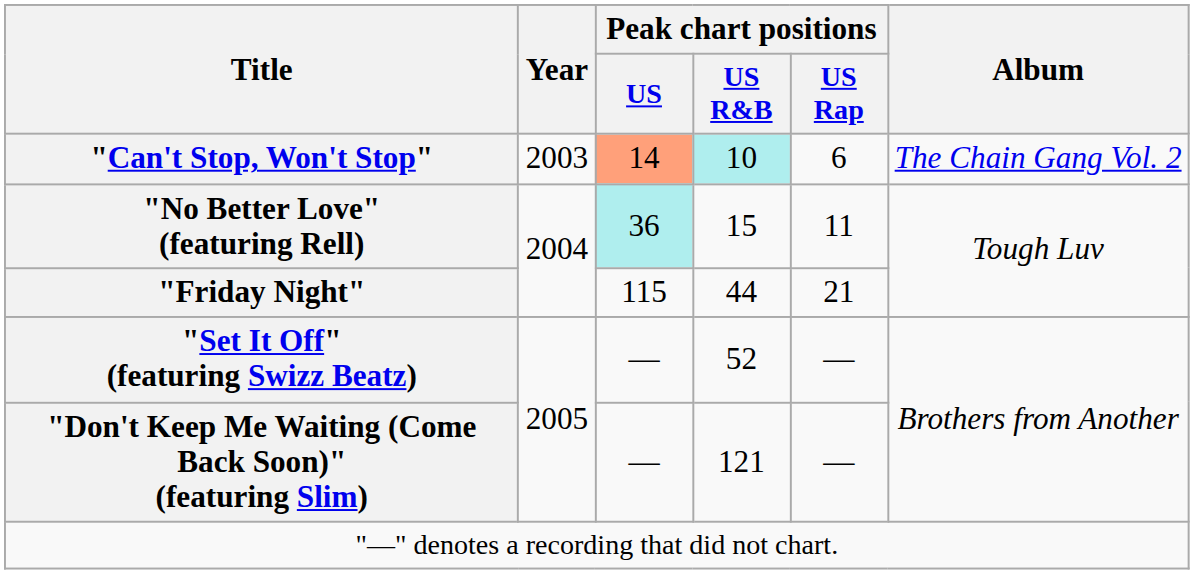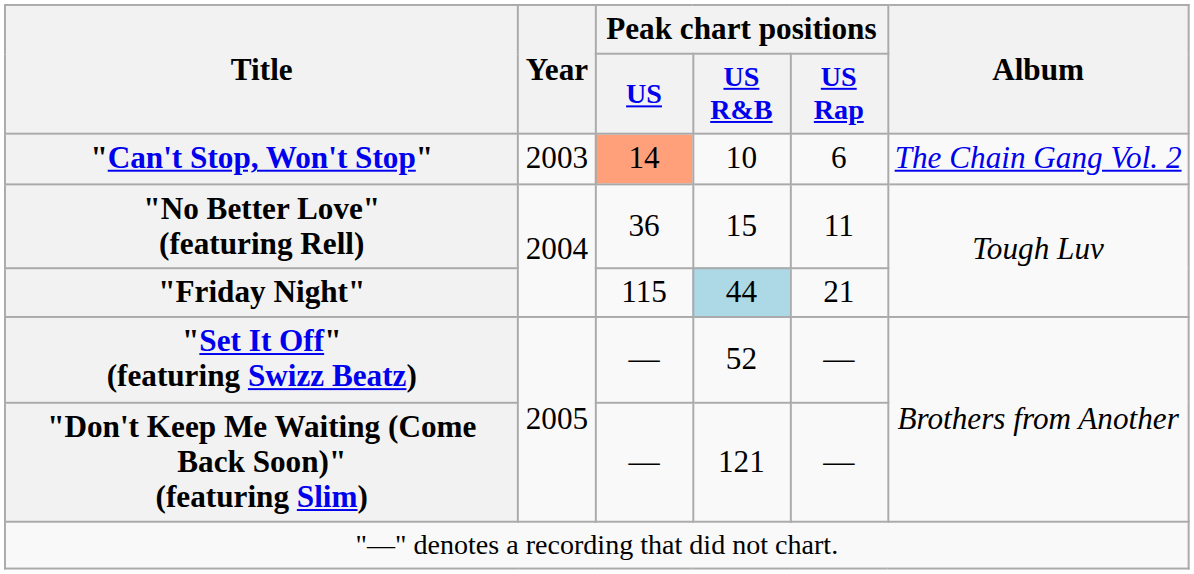 <table class="wikitable plainrowheaders" style="text-align:center;" border="1">
 <tr>
 <th scope="col" rowspan="2" style="width:16em;">Title</th>
 <th scope="col" rowspan="2">Year</th>
 <th scope="col" colspan="3">Peak chart positions</th>
 <th scope="col" rowspan="2">Album</th>
 </tr>
 <tr>
 <th style="width:3em; font-size:90%"><a href='#'>US</a><br></th>
 <th style="width:3em; font-size:90%"><a href='#'>US<br>R&B</a><br></th>
 <th style="width:3em; font-size:90%"><a href='#'>US<br>Rap</a><br></th>
 </tr>
 <tr>
 <th scope="row">"<a href='#'>Can't Stop, Won't Stop</a>"</th>
 <td>2003</td>
 <td style="background: lightsalmon;">14</td>
-<td style="background: paleturquoise;">10</td>
+<td>10</td>
 <td>6</td>
 <td><em><a href='#'>The Chain Gang Vol. 2</a></em></td>
 </tr>
 <tr>
 <th scope="row">"No Better Love"<br><span>(featuring Rell)</span></th>
 <td rowspan="2">2004</td>
-<td style="background: paleturquoise;">36</td>
+<td>36</td>
 <td>15</td>
 <td>11</td>
 <td rowspan="2"><em>Tough Luv</em></td>
 </tr>
 <tr>
 <th scope="row">"Friday Night"</th>
 <td>115</td>
-<td>44</td>
+<td style="background: lightblue;">44</td>
 <td>21</td>
 </tr>
 <tr>
 <th scope="row">"<a href='#'>Set It Off</a>"<br><span>(featuring <a href='#'>Swizz Beatz</a>)</span></th>
 <td rowspan="2">2005</td>
 <td>—</td>
 <td>52</td>
 <td>—</td>
 <td rowspan="2"><em>Brothers from Another</em></td>
 </tr>
 <tr>
 <th scope="row">"Don't Keep Me Waiting (Come Back Soon)"<br><span>(featuring <a href='#'>Slim</a>)</span></th>
 <td>—</td>
 <td>121</td>
 <td>—</td>
 </tr>
 <tr>
 <td colspan="7" style="font-size:90%">"—" denotes a recording that did not chart.</td>
 </tr>
 </table>
